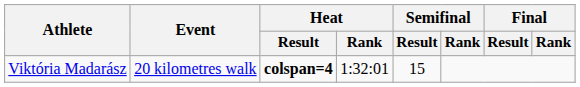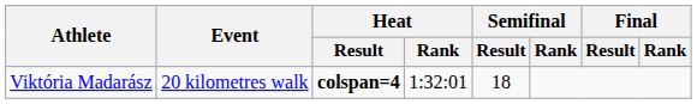 <table class="wikitable" style="font-size:90%">
 <tr>
 <th rowspan="2">Athlete</th>
 <th rowspan="2">Event</th>
 <th colspan="2">Heat</th>
 <th colspan="2">Semifinal</th>
 <th colspan="2">Final</th>
 </tr>
 <tr style="font-size:95%">
 <th>Result</th>
 <th>Rank</th>
 <th>Result</th>
 <th>Rank</th>
 <th>Result</th>
 <th>Rank</th>
 </tr>
 <tr style=text-align:center>
 <td style=text-align:left><a href='#'>Viktória Madarász</a></td>
 <td style=text-align:left><a href='#'>20 kilometres walk</a></td>
 <td><strong>colspan=4 </strong></td>
 <td>1:32:01</td>
-<td>15</td>
+<td>18</td>
 </tr>
 </table>
